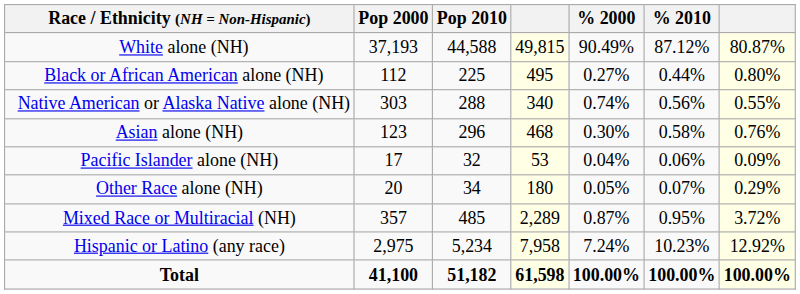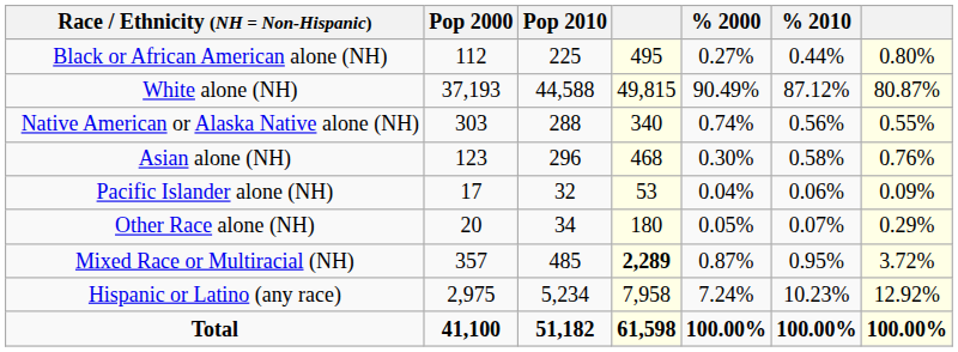 <table class="wikitable" style="text-align:center;">
 <tr>
 <th>Race / Ethnicity <small>(<em>NH = Non-Hispanic</em>)</small></th>
 <th>Pop 2000</th>
 <th>Pop 2010</th>
 <th></th>
 <th>% 2000</th>
 <th>% 2010</th>
 <th></th>
 </tr>
 <tr>
+<td>  <a href='#'>Black or African American</a> alone (NH)</td>
+<td>112</td>
+<td>225</td>
+<td style='background: #ffffe6;'>495</td>
+<td>0.27%</td>
+<td>0.44%</td>
+<td style='background: #ffffe6;'>0.80%</td>
+</tr>
+<tr>
 <td>  <a href='#'>White</a> alone (NH)</td>
 <td>37,193</td>
 <td>44,588</td>
 <td style='background: #ffffe6;'>49,815</td>
 <td>90.49%</td>
 <td>87.12%</td>
 <td style='background: #ffffe6;'>80.87%</td>
-</tr>
-<tr>
-<td>  <a href='#'>Black or African American</a> alone (NH)</td>
-<td>112</td>
-<td>225</td>
-<td style='background: #ffffe6;'>495</td>
-<td>0.27%</td>
-<td>0.44%</td>
-<td style='background: #ffffe6;'>0.80%</td>
 </tr>
 <tr>
 <td>  <a href='#'>Native American</a> or <a href='#'>Alaska Native</a> alone (NH)</td>
 <td>303</td>
 <td>288</td>
 <td style='background: #ffffe6;'>340</td>
 <td>0.74%</td>
 <td>0.56%</td>
 <td style='background: #ffffe6;'>0.55%</td>
 </tr>
 <tr>
 <td><a href='#'>Asian</a> alone (NH)</td>
 <td>123</td>
 <td>296</td>
 <td style='background: #ffffe6;'>468</td>
 <td>0.30%</td>
 <td>0.58%</td>
 <td style='background: #ffffe6;'>0.76%</td>
 </tr>
 <tr>
 <td><a href='#'>Pacific Islander</a> alone (NH)</td>
 <td>17</td>
 <td>32</td>
 <td style='background: #ffffe6;'>53</td>
 <td>0.04%</td>
 <td>0.06%</td>
 <td style='background: #ffffe6;'>0.09%</td>
 </tr>
 <tr>
 <td><a href='#'>Other Race</a> alone (NH)</td>
 <td>20</td>
 <td>34</td>
 <td style='background: #ffffe6;'>180</td>
 <td>0.05%</td>
 <td>0.07%</td>
 <td style='background: #ffffe6;'>0.29%</td>
 </tr>
 <tr>
 <td><a href='#'>Mixed Race or Multiracial</a> (NH)</td>
 <td>357</td>
 <td>485</td>
-<td style='background: #ffffe6;'>2,289</td>
+<td style='background: #ffffe6;'><strong>2,289</strong></td>
 <td>0.87%</td>
 <td>0.95%</td>
 <td style='background: #ffffe6;'>3.72%</td>
 </tr>
 <tr>
 <td><a href='#'>Hispanic or Latino</a> (any race)</td>
 <td>2,975</td>
 <td>5,234</td>
 <td style='background: #ffffe6;'>7,958</td>
 <td>7.24%</td>
 <td>10.23%</td>
 <td style='background: #ffffe6;'>12.92%</td>
 </tr>
 <tr>
 <td><strong>Total</strong></td>
 <td><strong>41,100</strong></td>
 <td><strong>51,182</strong></td>
 <td style='background: #ffffe6;'><strong>61,598</strong></td>
 <td><strong>100.00%</strong></td>
 <td><strong>100.00%</strong></td>
 <td style='background: #ffffe6;'><strong>100.00%</strong></td>
 </tr>
 </table>
